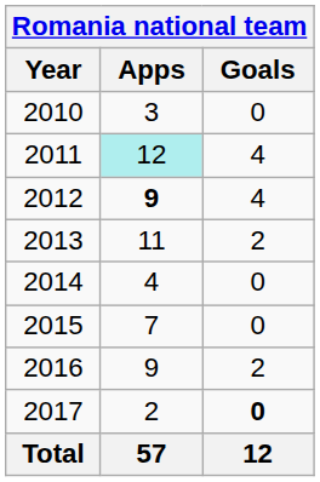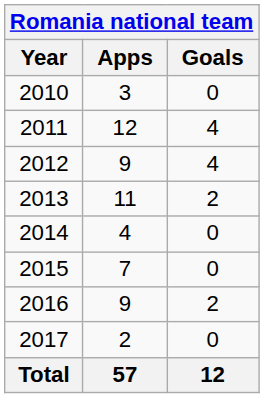 <table class="wikitable" style="text-align:center">
 <tr>
 <th colspan=3><a href='#'>Romania national team</a></th>
 </tr>
 <tr>
 <th>Year</th>
 <th>Apps</th>
 <th>Goals</th>
 </tr>
 <tr>
 <td>2010</td>
 <td>3</td>
 <td>0</td>
 </tr>
 <tr>
 <td>2011</td>
-<td style="background: paleturquoise;">12</td>
+<td>12</td>
 <td>4</td>
 </tr>
 <tr>
 <td>2012</td>
-<td><strong>9</strong></td>
+<td>9</td>
 <td>4</td>
 </tr>
 <tr>
 <td>2013</td>
 <td>11</td>
 <td>2</td>
 </tr>
 <tr>
 <td>2014</td>
 <td>4</td>
 <td>0</td>
 </tr>
 <tr>
 <td>2015</td>
 <td>7</td>
 <td>0</td>
 </tr>
 <tr>
 <td>2016</td>
 <td>9</td>
 <td>2</td>
 </tr>
 <tr>
 <td>2017</td>
 <td>2</td>
-<td><strong>0</strong></td>
+<td>0</td>
 </tr>
 <tr>
 <th>Total</th>
 <th>57</th>
 <th>12</th>
 </tr>
 </table>
